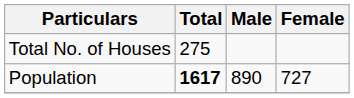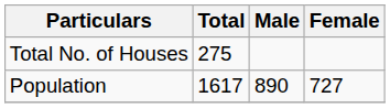 <table class="wikitable sortable">
 <tr>
 <th>Particulars</th>
 <th>Total</th>
 <th>Male</th>
 <th>Female</th>
 </tr>
 <tr>
 <td>Total No. of Houses</td>
 <td>275</td>
 <td></td>
 <td></td>
 </tr>
 <tr>
 <td>Population</td>
-<td><strong>1617</strong></td>
+<td>1617</td>
 <td>890</td>
 <td>727</td>
 </tr>
 <tr>
 </tr>
 </table>
